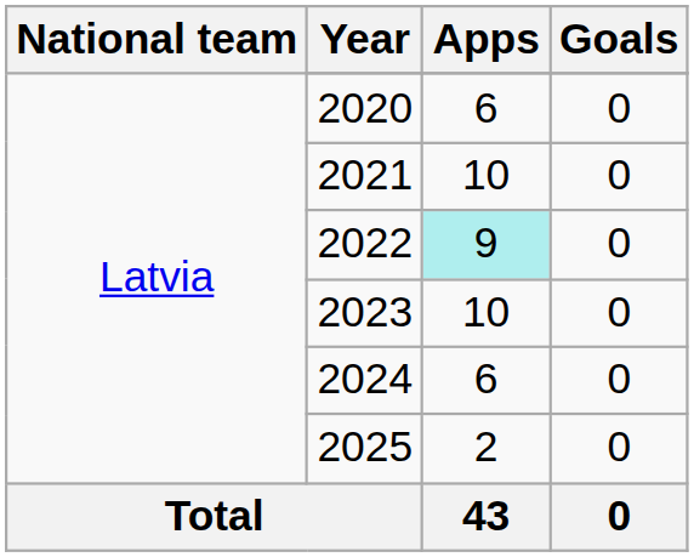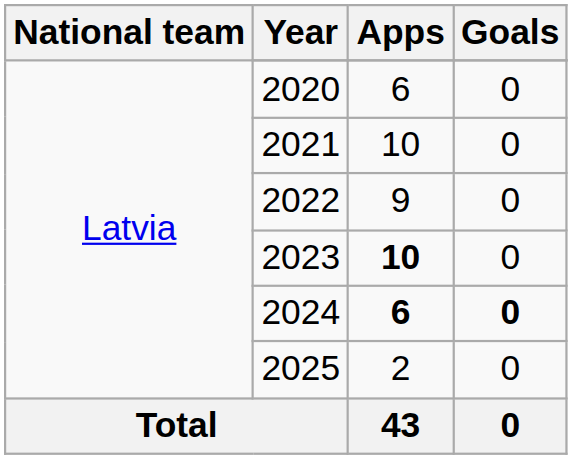 <table class="wikitable" style="text-align:center">
 <tr>
 <th>National team</th>
 <th>Year</th>
 <th>Apps</th>
 <th>Goals</th>
 </tr>
 <tr>
 <td rowspan=7><a href='#'>Latvia</a></td>
 </tr>
 <tr>
 <td>2020</td>
 <td>6</td>
 <td>0</td>
 </tr>
 <tr>
 <td>2021</td>
 <td>10</td>
 <td>0</td>
 </tr>
 <tr>
 <td>2022</td>
-<td style="background: paleturquoise;">9</td>
+<td>9</td>
 <td>0</td>
 </tr>
 <tr>
 <td>2023</td>
-<td>10</td>
+<td><strong>10</strong></td>
 <td>0</td>
 </tr>
 <tr>
 <td>2024</td>
-<td>6</td>
-<td>0</td>
+<td><strong>6</strong></td>
+<td><strong>0</strong></td>
 </tr>
 <tr>
 <td>2025</td>
 <td>2</td>
 <td>0</td>
 </tr>
 <tr>
 <th colspan="2">Total</th>
 <th>43</th>
 <th>0</th>
 </tr>
 </table>
